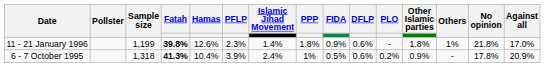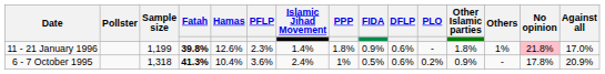 <table class="wikitable" style="text-align:center;font-size:85%;line-height:13px">
 <tr>
 <th rowspan="2">Date</th>
 <th rowspan="2">Pollster</th>
 <th rowspan="2">Sample<br>size</th>
 <th style="width:35px;"><a href='#'>Fatah</a></th>
 <th style="width:35px;"><a href='#'>Hamas</a></th>
 <th style="width:35px;"><a href='#'>PFLP</a></th>
 <th style="width:35px;"><a href='#'>Islamic Jihad Movement</a></th>
 <th style="width:35px;"><a href='#'>PPP</a></th>
 <th style="width:35px;"><a href='#'>FIDA</a></th>
 <th style="width:35px;"><a href='#'>DFLP</a></th>
 <th style="width:35px;"><a href='#'>PLO</a></th>
 <th style="width:35px;">Other Islamic parties</th>
 <th style="width:35px;" rowspan="2">Others</th>
 <th style="width:35px;" rowspan="2">No opinion</th>
 <th style="width:35px;" rowspan="2">Against all</th>
 </tr>
 <tr>
 <th style="background:"></th>
 <th style="background:"></th>
 <th style="background:"></th>
 <th style="background:black;"></th>
 <th style="background:"></th>
 <th style="background:#008B4C;"></th>
 <th style="background:"></th>
 <th style="background:"></th>
 <th style="background:green;"></th>
 </tr>
 <tr>
 <td>11 - 21 January 1996</td>
 <td></td>
 <td>1,199</td>
 <td style="background:"><strong>39.8%</strong></td>
 <td>12.6%</td>
 <td>2.3%</td>
 <td>1.4%</td>
 <td>1.8%</td>
 <td>0.9%</td>
 <td>0.6%</td>
 <td>-</td>
 <td>1.8%</td>
 <td>1%</td>
-<td>21.8%</td>
+<td style="background: pink;">21.8%</td>
 <td>17.0%</td>
 </tr>
 <tr>
 <td>6 - 7 October 1995</td>
 <td></td>
 <td>1,318</td>
 <td style="background:"><strong>41.3%</strong></td>
 <td>10.4%</td>
-<td>3.9%</td>
+<td>3.6%</td>
 <td>2.4%</td>
 <td>1%</td>
 <td>0.5%</td>
 <td>0.6%</td>
 <td>0.2%</td>
 <td>0.9%</td>
 <td>-</td>
 <td>17.8%</td>
 <td>20.9%</td>
 </tr>
 </table>
